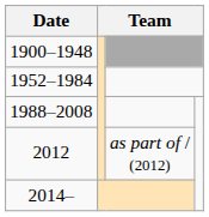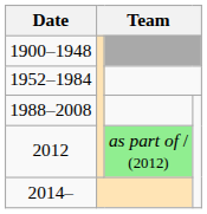 <table class="wikitable" style="text-align:center; font-size:90%;">
 <tr>
 <th>Date</th>
 <th colspan=3>Team</th>
 </tr>
 <tr>
 <td>1900–1948</td>
 <td rowspan=4 style="background:moccasin"></td>
 <td colspan=2 style="background:darkgray"></td>
 </tr>
 <tr>
 <td>1952–1984</td>
 <td colspan=2></td>
 </tr>
 <tr>
 <td>1988–2008</td>
 <td></td>
 <td rowspan=3></td>
 </tr>
 <tr>
 <td>2012</td>
-<td><em>as part of </em> /<br>  <small>(2012)</small></td>
+<td style="background: lightgreen;"><em>as part of </em> /<br>  <small>(2012)</small></td>
 </tr>
 <tr>
 <td>2014–</td>
 <td colspan=2 style="background:moccasin"></td>
 </tr>
 </table>
